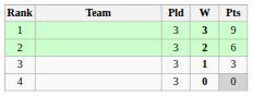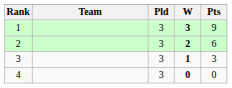 <table class="wikitable">
 <tr>
 </tr>
 <tr>
 <th style="width:35px">Rank</th>
 <th style="width:180px">Team</th>
 <th style="width:35px">Pld</th>
 <th style="width:35px">W</th>
 <th style="width:35px">Pts</th>
 </tr>
 <tr bgcolor=#ccffcc>
 <td align=center>1</td>
 <td></td>
 <td align=center>3</td>
 <td align=center><strong>3</strong></td>
 <td align=center>9</td>
 </tr>
 <tr bgcolor=#ccffcc>
 <td align=center>2</td>
 <td></td>
 <td align=center>3</td>
 <td align=center><strong>2</strong></td>
 <td align=center>6</td>
 </tr>
 <tr>
 <td align=center>3</td>
 <td></td>
 <td align=center>3</td>
 <td align=center><strong>1</strong></td>
 <td align=center>3</td>
 </tr>
 <tr>
 <td align=center>4</td>
 <td></td>
 <td align=center>3</td>
 <td align=center><strong>0</strong></td>
-<td align=center style="background: lightgrey;">0</td>
+<td align=center>0</td>
 </tr>
 </table>
